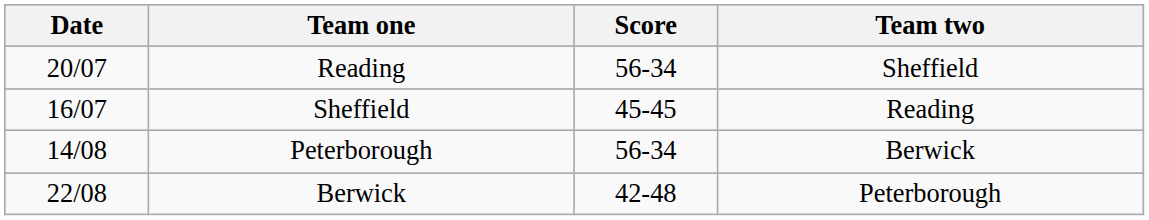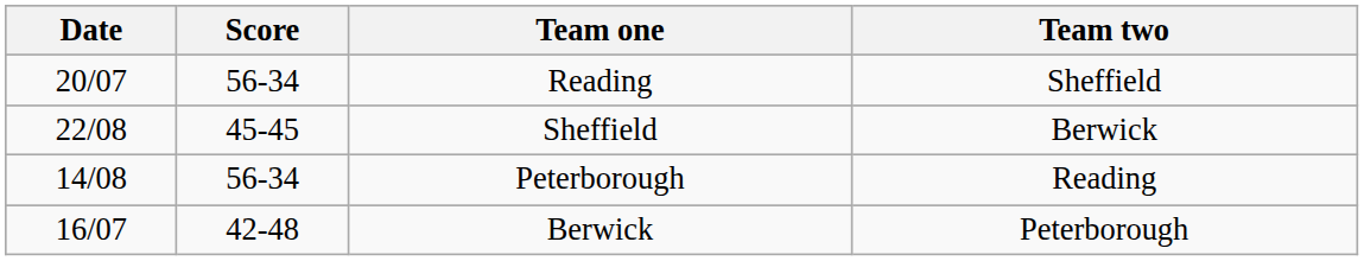 <table class="wikitable" style="text-align: center">
 <tr>
 <th width=80>Date</th>
+<th width=80>Score</th>
 <th width=250>Team one</th>
-<th width=80>Score</th>
 <th width=250>Team two</th>
 </tr>
 <tr>
 <td>20/07</td>
+<td>56-34</td>
 <td>Reading</td>
-<td>56-34</td>
 <td>Sheffield</td>
 </tr>
 <tr>
-<td>16/07</td>
+<td>22/08</td>
+<td>45-45</td>
 <td>Sheffield</td>
-<td>45-45</td>
+<td>Berwick</td>
+</tr>
+<tr>
+<td>14/08</td>
+<td>56-34</td>
+<td>Peterborough</td>
 <td>Reading</td>
 </tr>
 <tr>
-<td>14/08</td>
-<td>Peterborough</td>
-<td>56-34</td>
+<td>16/07</td>
+<td>42-48</td>
 <td>Berwick</td>
-</tr>
-<tr>
-<td>22/08</td>
-<td>Berwick</td>
-<td>42-48</td>
 <td>Peterborough</td>
 </tr>
 </table>
